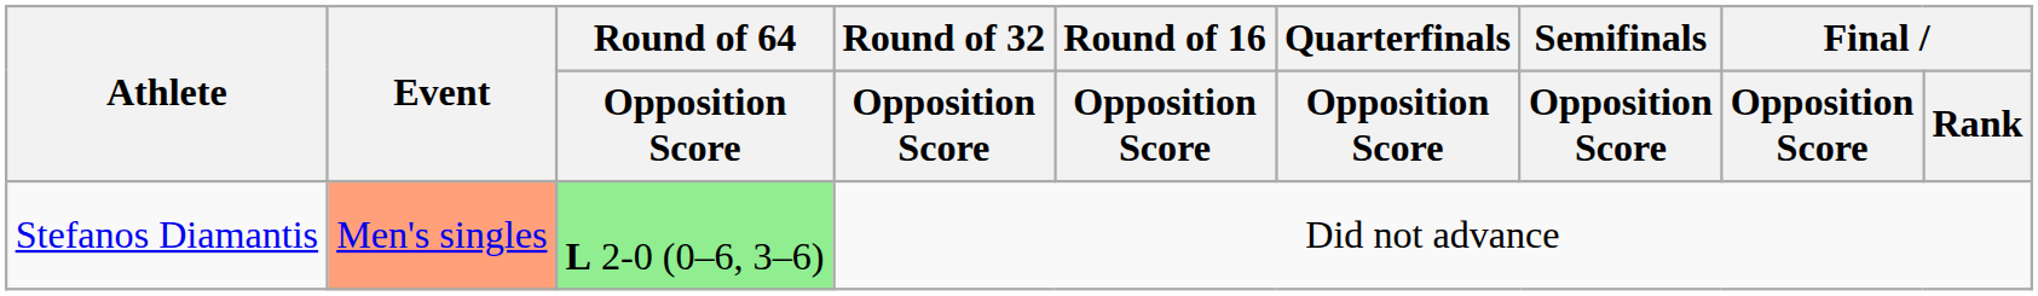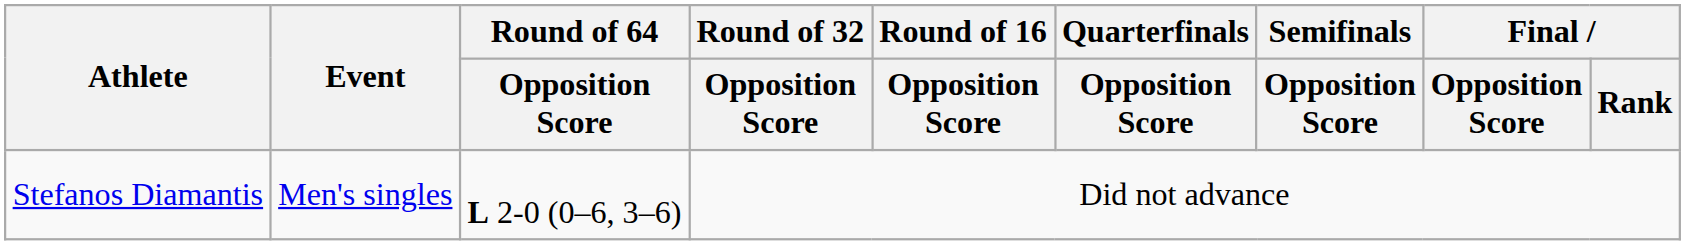 <table class=wikitable style="font-size:90%">
 <tr>
 <th rowspan="2">Athlete</th>
 <th rowspan="2">Event</th>
 <th>Round of 64</th>
 <th>Round of 32</th>
 <th>Round of 16</th>
 <th>Quarterfinals</th>
 <th>Semifinals</th>
 <th colspan="2">Final / </th>
 </tr>
 <tr>
 <th>Opposition<br>Score</th>
 <th>Opposition<br>Score</th>
 <th>Opposition<br>Score</th>
 <th>Opposition<br>Score</th>
 <th>Opposition<br>Score</th>
 <th>Opposition<br>Score</th>
 <th>Rank</th>
 </tr>
 <tr align=center>
 <td align=left><a href='#'>Stefanos Diamantis</a></td>
-<td align=left style="background: lightsalmon;"><a href='#'>Men's singles</a></td>
-<td style="background: lightgreen;"><br><strong>L</strong> 2-0 (0–6, 3–6)</td>
+<td align=left><a href='#'>Men's singles</a></td>
+<td><br><strong>L</strong> 2-0 (0–6, 3–6)</td>
 <td colspan=6>Did not advance</td>
 </tr>
 </table>
